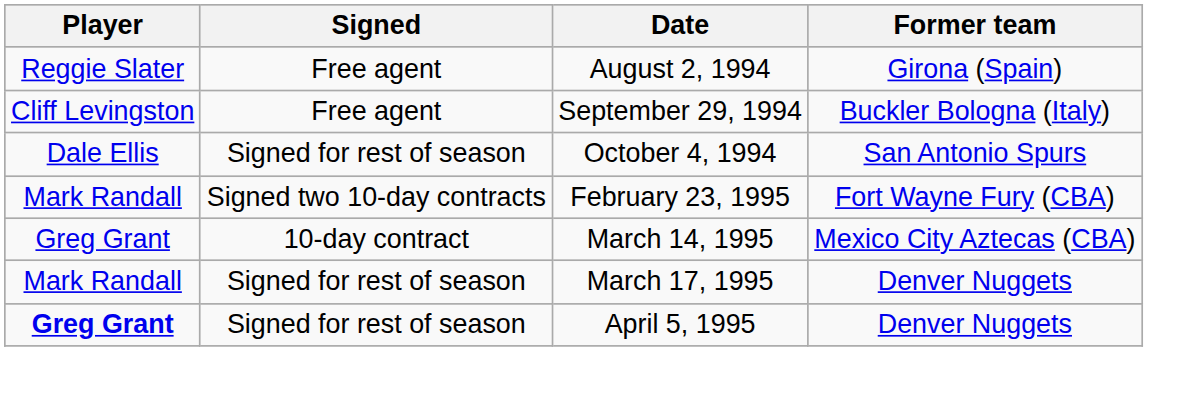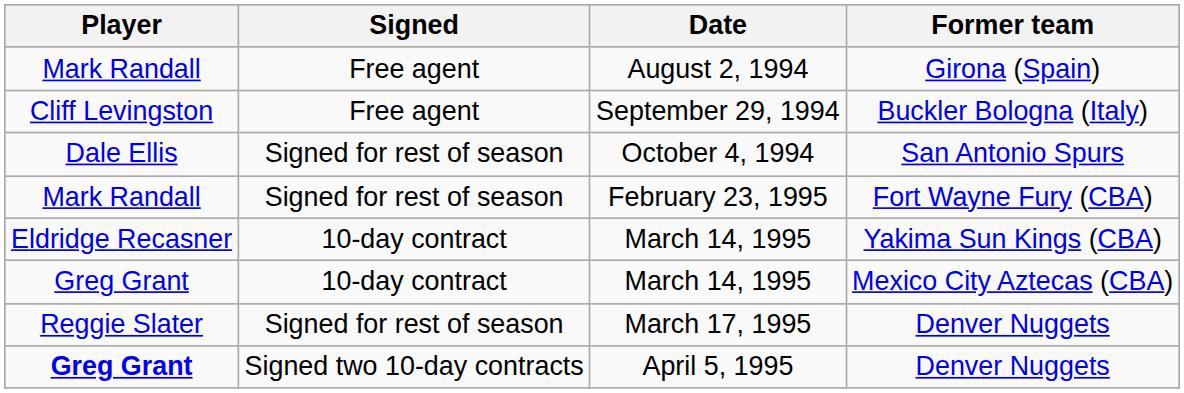 <table class="wikitable sortable sortable" style="text-align: center">
 <tr>
 <th>Player</th>
 <th>Signed</th>
 <th>Date</th>
 <th>Former team</th>
 </tr>
 <tr>
-<td><a href='#'>Reggie Slater</a></td>
+<td><a href='#'>Mark Randall</a></td>
 <td>Free agent</td>
 <td>August 2, 1994</td>
 <td><a href='#'>Girona</a> (<a href='#'>Spain</a>)</td>
 </tr>
 <tr>
 <td><a href='#'>Cliff Levingston</a></td>
 <td>Free agent</td>
 <td>September 29, 1994</td>
 <td><a href='#'>Buckler Bologna</a> (<a href='#'>Italy</a>)</td>
 </tr>
 <tr>
 <td><a href='#'>Dale Ellis</a></td>
 <td>Signed for rest of season</td>
 <td>October 4, 1994</td>
 <td><a href='#'>San Antonio Spurs</a></td>
 </tr>
 <tr>
 <td><a href='#'>Mark Randall</a></td>
-<td>Signed two 10-day contracts</td>
+<td>Signed for rest of season</td>
 <td>February 23, 1995</td>
 <td><a href='#'>Fort Wayne Fury</a> (<a href='#'>CBA</a>)</td>
+</tr>
+<tr>
+<td><a href='#'>Eldridge Recasner</a></td>
+<td>10-day contract</td>
+<td>March 14, 1995</td>
+<td><a href='#'>Yakima Sun Kings</a> (<a href='#'>CBA</a>)</td>
 </tr>
 <tr>
 <td><a href='#'>Greg Grant</a></td>
 <td>10-day contract</td>
 <td>March 14, 1995</td>
 <td><a href='#'>Mexico City Aztecas</a> (<a href='#'>CBA</a>)</td>
 </tr>
 <tr>
-<td><a href='#'>Mark Randall</a></td>
+<td><a href='#'>Reggie Slater</a></td>
 <td>Signed for rest of season</td>
 <td>March 17, 1995</td>
 <td><a href='#'>Denver Nuggets</a></td>
 </tr>
 <tr>
 <td><strong><a href='#'>Greg Grant</a></strong></td>
-<td>Signed for rest of season</td>
+<td>Signed two 10-day contracts</td>
 <td>April 5, 1995</td>
 <td><a href='#'>Denver Nuggets</a></td>
 </tr>
 </table>
